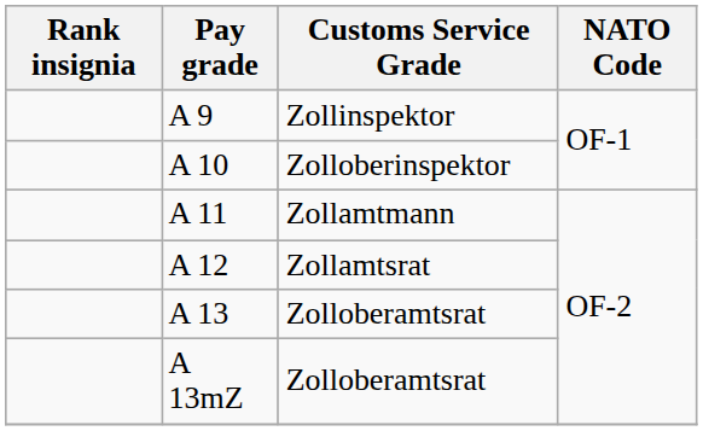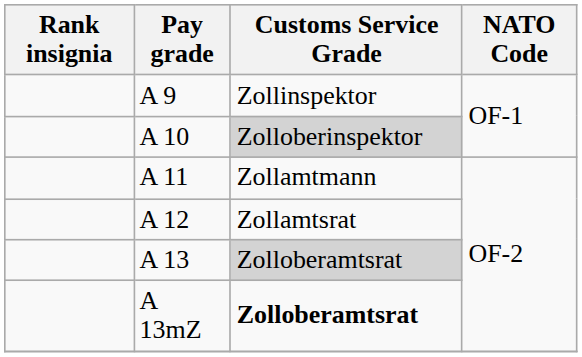 <table class="wikitable" style = "width:40%;">
 <tr>
 <th>Rank insignia</th>
 <th>Pay grade</th>
 <th>Customs Service Grade</th>
 <th>NATO Code</th>
 </tr>
 <tr>
 <td></td>
 <td>A 9</td>
 <td>Zollinspektor</td>
 <td rowspan=2>OF-1</td>
 </tr>
 <tr>
 <td></td>
 <td>A 10</td>
-<td>Zolloberinspektor</td>
+<td style="background: lightgrey;">Zolloberinspektor</td>
 </tr>
 <tr>
 <td></td>
 <td>A 11</td>
 <td>Zollamtmann</td>
 <td rowspan=4>OF-2</td>
 </tr>
 <tr>
 <td></td>
 <td>A 12</td>
 <td>Zollamtsrat</td>
 </tr>
 <tr>
 <td></td>
 <td>A 13</td>
-<td>Zolloberamtsrat</td>
+<td style="background: lightgrey;">Zolloberamtsrat</td>
 </tr>
 <tr>
 <td></td>
 <td>A 13mZ</td>
-<td>Zolloberamtsrat</td>
+<td><strong>Zolloberamtsrat</strong></td>
 </tr>
 <tr>
 </tr>
 </table>
